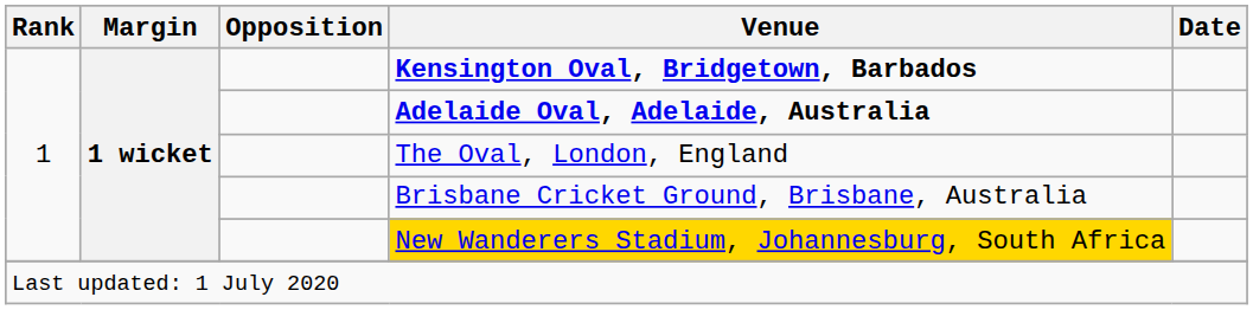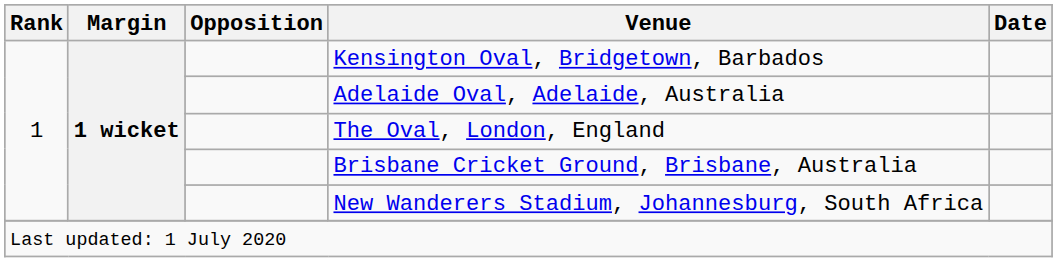 <table class="wikitable plainrowheaders sortable">
 <tr>
 <th scope=col>Rank</th>
 <th scope=col>Margin</th>
 <th scope=col>Opposition</th>
 <th scope=col>Venue</th>
 <th scope=col>Date</th>
 </tr>
 <tr>
 <td align=center rowspan=5>1</td>
 <th scope=row style=text-align:center rowspan=5>1 wicket</th>
 <td></td>
-<td><strong><a href='#'>Kensington Oval</a>, <a href='#'>Bridgetown</a>, Barbados</strong></td>
+<td><a href='#'>Kensington Oval</a>, <a href='#'>Bridgetown</a>, Barbados</td>
 <td></td>
 </tr>
 <tr>
 <td></td>
-<td><strong><a href='#'>Adelaide Oval</a>, <a href='#'>Adelaide</a>, Australia</strong></td>
+<td><a href='#'>Adelaide Oval</a>, <a href='#'>Adelaide</a>, Australia</td>
 <td></td>
 </tr>
 <tr>
 <td></td>
 <td><a href='#'>The Oval</a>, <a href='#'>London</a>, England</td>
 <td></td>
 </tr>
 <tr>
 <td></td>
 <td><a href='#'>Brisbane Cricket Ground</a>, <a href='#'>Brisbane</a>, Australia</td>
 <td></td>
 </tr>
 <tr>
 <td></td>
-<td style="background: gold;"><a href='#'>New Wanderers Stadium</a>, <a href='#'>Johannesburg</a>, South Africa</td>
+<td><a href='#'>New Wanderers Stadium</a>, <a href='#'>Johannesburg</a>, South Africa</td>
 <td></td>
 </tr>
 <tr>
 </tr>
 <tr class=sortbottom>
 <td colspan=5><small>Last updated: 1 July 2020</small></td>
 </tr>
 </table>
